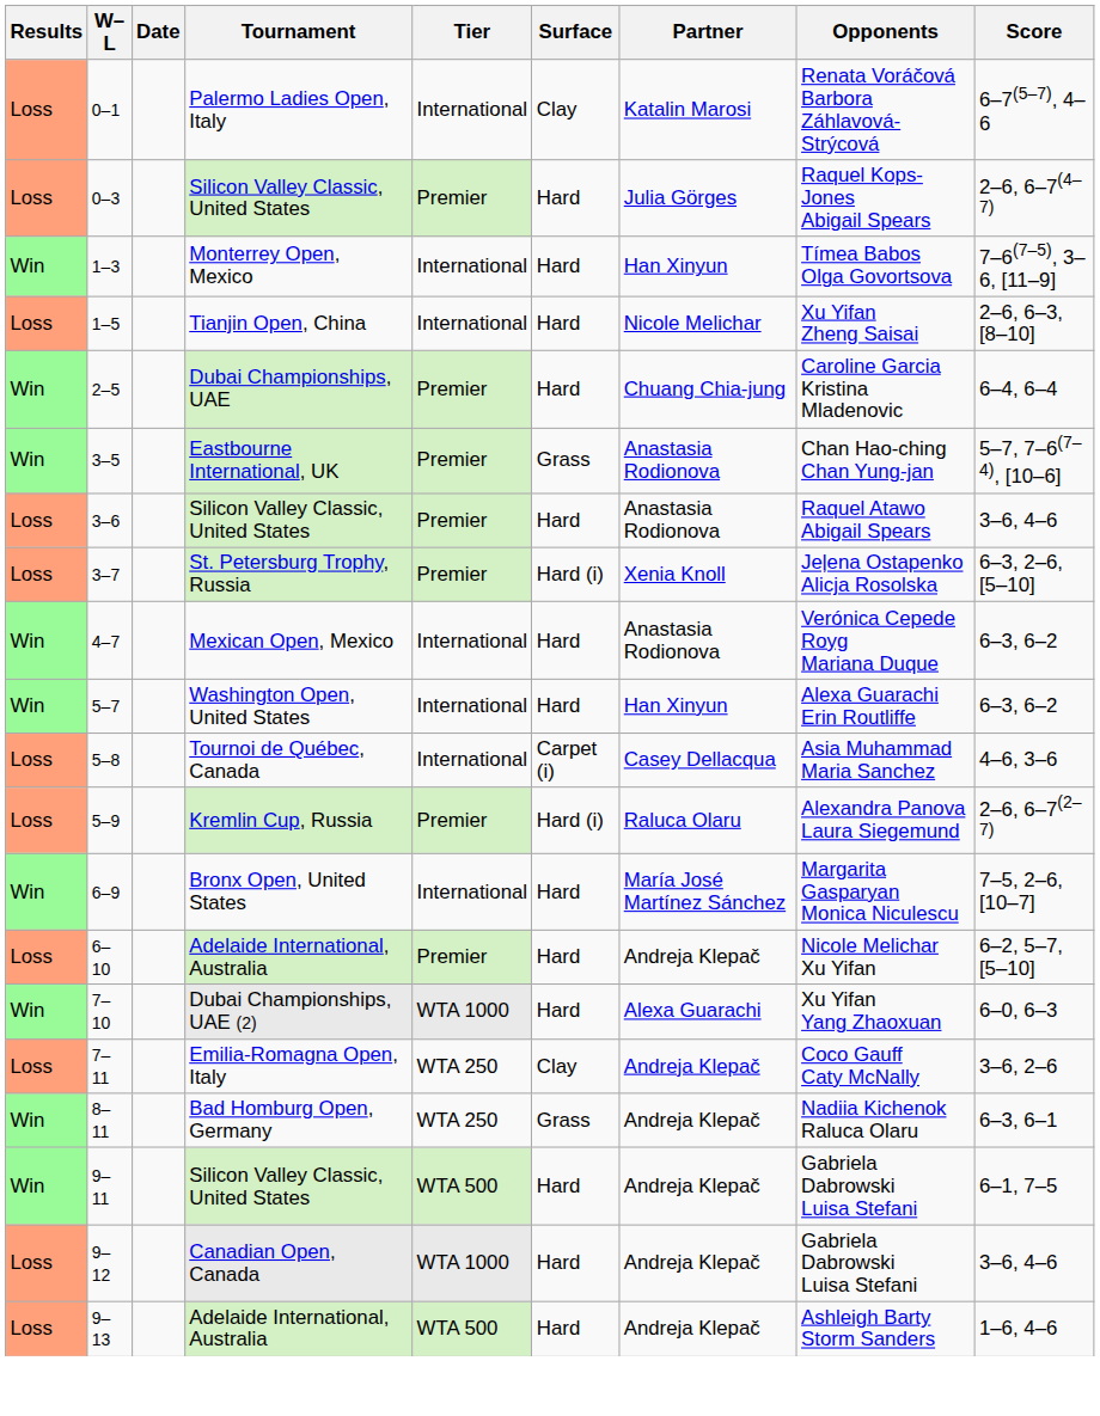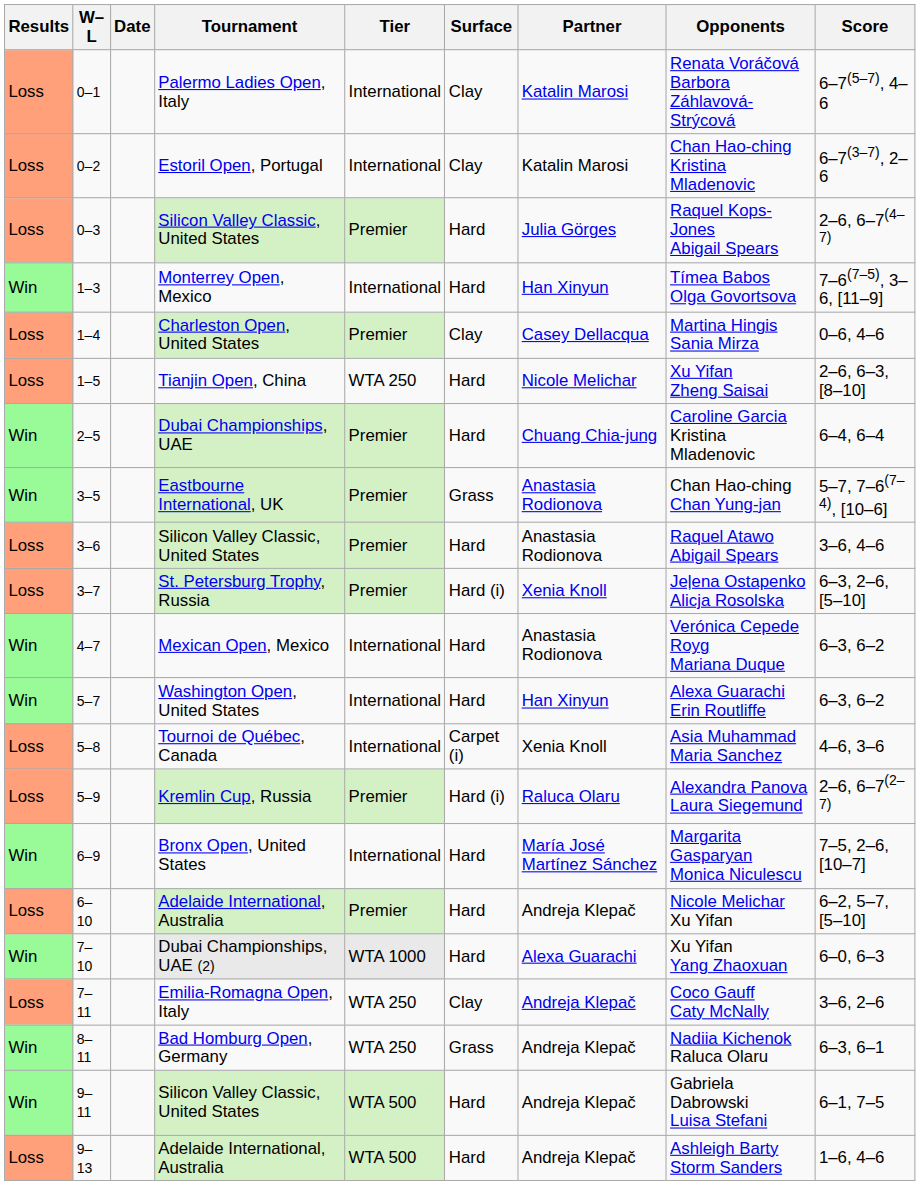 <table class="wikitable nowrap">
 <tr>
 <th>Results</th>
 <th class="unsortable">W–L</th>
 <th>Date</th>
 <th>Tournament</th>
 <th>Tier</th>
 <th>Surface</th>
 <th>Partner</th>
 <th>Opponents</th>
 <th class="unsortable">Score</th>
 </tr>
 <tr>
 <td style="background:#ffa07a;">Loss</td>
 <td><small>0–1</small></td>
 <td><a href='#'></a></td>
 <td><a href='#'>Palermo Ladies Open</a>, Italy</td>
 <td>International</td>
 <td>Clay</td>
 <td> <a href='#'>Katalin Marosi</a></td>
 <td> <a href='#'>Renata Voráčová</a> <br>  <a href='#'>Barbora Záhlavová-Strýcová</a></td>
 <td>6–7<sup>(5–7)</sup>, 4–6</td>
 </tr>
 <tr>
 <td style="background:#ffa07a;">Loss</td>
+<td><small>0–2</small></td>
+<td><a href='#'></a></td>
+<td><a href='#'>Estoril Open</a>, Portugal</td>
+<td>International</td>
+<td>Clay</td>
+<td> Katalin Marosi</td>
+<td> <a href='#'>Chan Hao-ching</a> <br>  <a href='#'>Kristina Mladenovic</a></td>
+<td>6–7<sup>(3–7)</sup>, 2–6</td>
+</tr>
+<tr>
+<td style="background:#ffa07a;">Loss</td>
 <td><small>0–3</small></td>
 <td><a href='#'></a></td>
 <td style="background:#d4f1c5;"><a href='#'>Silicon Valley Classic</a>, United States</td>
 <td style="background:#d4f1c5;">Premier</td>
 <td>Hard</td>
 <td> <a href='#'>Julia Görges</a></td>
 <td> <a href='#'>Raquel Kops-Jones</a> <br>  <a href='#'>Abigail Spears</a></td>
 <td>2–6, 6–7<sup>(4–7)</sup></td>
 </tr>
 <tr>
 <td style="background:#98fb98;">Win</td>
 <td><small>1–3</small></td>
 <td><a href='#'></a></td>
 <td><a href='#'>Monterrey Open</a>, Mexico</td>
 <td>International</td>
 <td>Hard</td>
 <td> <a href='#'>Han Xinyun</a></td>
 <td> <a href='#'>Tímea Babos</a> <br>  <a href='#'>Olga Govortsova</a></td>
 <td>7–6<sup>(7–5)</sup>, 3–6, [11–9]</td>
 </tr>
 <tr>
 <td style="background:#ffa07a;">Loss</td>
+<td><small>1–4</small></td>
+<td><a href='#'></a></td>
+<td style="background:#d4f1c5;"><a href='#'>Charleston Open</a>, United States</td>
+<td style="background:#d4f1c5;">Premier</td>
+<td>Clay</td>
+<td> <a href='#'>Casey Dellacqua</a></td>
+<td> <a href='#'>Martina Hingis</a> <br>  <a href='#'>Sania Mirza</a></td>
+<td>0–6, 4–6</td>
+</tr>
+<tr>
+<td style="background:#ffa07a;">Loss</td>
 <td><small>1–5</small></td>
 <td><a href='#'></a></td>
 <td><a href='#'>Tianjin Open</a>, China</td>
-<td>International</td>
+<td>WTA 250</td>
 <td>Hard</td>
 <td> <a href='#'>Nicole Melichar</a></td>
 <td> <a href='#'>Xu Yifan</a> <br>  <a href='#'>Zheng Saisai</a></td>
 <td>2–6, 6–3, [8–10]</td>
 </tr>
 <tr>
 <td style="background:#98fb98;">Win</td>
 <td><small>2–5</small></td>
 <td><a href='#'></a></td>
 <td style="background:#d4f1c5;"><a href='#'>Dubai Championships</a>, UAE</td>
 <td style="background:#d4f1c5;">Premier</td>
 <td>Hard</td>
 <td> <a href='#'>Chuang Chia-jung</a></td>
 <td> <a href='#'>Caroline Garcia</a> <br>  Kristina Mladenovic</td>
 <td>6–4, 6–4</td>
 </tr>
 <tr>
 <td style="background:#98fb98;">Win</td>
 <td><small>3–5</small></td>
 <td><a href='#'></a></td>
 <td style="background:#d4f1c5;"><a href='#'>Eastbourne International</a>, UK</td>
 <td style="background:#d4f1c5;">Premier</td>
 <td>Grass</td>
 <td> <a href='#'>Anastasia Rodionova</a></td>
 <td> Chan Hao-ching <br>  <a href='#'>Chan Yung-jan</a></td>
 <td>5–7, 7–6<sup>(7–4)</sup>, [10–6]</td>
 </tr>
 <tr>
 <td style="background:#ffa07a;">Loss</td>
 <td><small>3–6</small></td>
 <td><a href='#'></a></td>
 <td style="background:#d4f1c5;">Silicon Valley Classic, United States</td>
 <td style="background:#d4f1c5;">Premier</td>
 <td>Hard</td>
 <td> Anastasia Rodionova</td>
 <td> <a href='#'>Raquel Atawo</a> <br>  <a href='#'>Abigail Spears</a></td>
 <td>3–6, 4–6</td>
 </tr>
 <tr>
 <td style="background:#ffa07a;">Loss</td>
 <td><small>3–7</small></td>
 <td><a href='#'></a></td>
 <td style="background:#d4f1c5;"><a href='#'>St. Petersburg Trophy</a>, Russia</td>
 <td style="background:#d4f1c5;">Premier</td>
 <td>Hard (i)</td>
 <td> <a href='#'>Xenia Knoll</a></td>
 <td> <a href='#'>Jeļena Ostapenko</a> <br>  <a href='#'>Alicja Rosolska</a></td>
 <td>6–3, 2–6, [5–10]</td>
 </tr>
 <tr>
 <td style="background:#98fb98;">Win</td>
 <td><small>4–7</small></td>
 <td><a href='#'></a></td>
 <td><a href='#'>Mexican Open</a>, Mexico</td>
 <td>International</td>
 <td>Hard</td>
 <td> Anastasia Rodionova</td>
 <td> <a href='#'>Verónica Cepede Royg</a> <br>  <a href='#'>Mariana Duque</a></td>
 <td>6–3, 6–2</td>
 </tr>
 <tr>
 <td style="background:#98fb98;">Win</td>
 <td><small>5–7</small></td>
 <td><a href='#'></a></td>
 <td><a href='#'>Washington Open</a>, United States</td>
 <td>International</td>
 <td>Hard</td>
 <td> <a href='#'>Han Xinyun</a></td>
 <td> <a href='#'>Alexa Guarachi</a> <br>  <a href='#'>Erin Routliffe</a></td>
 <td>6–3, 6–2</td>
 </tr>
 <tr>
 <td style="background:#ffa07a;">Loss</td>
 <td><small>5–8</small></td>
 <td><a href='#'></a></td>
 <td><a href='#'>Tournoi de Québec</a>, Canada</td>
 <td>International</td>
 <td>Carpet (i)</td>
-<td> <a href='#'>Casey Dellacqua</a></td>
+<td> Xenia Knoll</td>
 <td> <a href='#'>Asia Muhammad</a> <br>  <a href='#'>Maria Sanchez</a></td>
 <td>4–6, 3–6</td>
 </tr>
 <tr>
 <td style="background:#ffa07a;">Loss</td>
 <td><small>5–9</small></td>
 <td><a href='#'></a></td>
 <td style="background:#d4f1c5;"><a href='#'>Kremlin Cup</a>, Russia</td>
 <td style="background:#d4f1c5;">Premier</td>
 <td>Hard (i)</td>
 <td> <a href='#'>Raluca Olaru</a></td>
 <td> <a href='#'>Alexandra Panova</a> <br>  <a href='#'>Laura Siegemund</a></td>
 <td>2–6, 6–7<sup>(2–7)</sup></td>
 </tr>
 <tr>
 <td style="background:#98fb98;">Win</td>
 <td><small>6–9</small></td>
 <td><a href='#'></a></td>
 <td><a href='#'>Bronx Open</a>, United States</td>
 <td>International</td>
 <td>Hard</td>
 <td> <a href='#'>María José Martínez Sánchez</a></td>
 <td> <a href='#'>Margarita Gasparyan</a> <br>  <a href='#'>Monica Niculescu</a></td>
 <td>7–5, 2–6, [10–7]</td>
 </tr>
 <tr>
 <td style="background:#ffa07a;">Loss</td>
 <td><small>6–10</small></td>
 <td><a href='#'></a></td>
 <td style="background:#d4f1c5;"><a href='#'>Adelaide International</a>, Australia</td>
 <td style="background:#d4f1c5;">Premier</td>
 <td>Hard</td>
 <td> Andreja Klepač</td>
 <td> <a href='#'>Nicole Melichar</a> <br>  Xu Yifan</td>
 <td>6–2, 5–7, [5–10]</td>
 </tr>
 <tr>
 <td style="background:#98fb98;">Win</td>
 <td><small>7–10</small></td>
 <td><a href='#'></a></td>
 <td style="background:#e9e9e9;">Dubai Championships, UAE <small>(2)</small></td>
 <td style="background:#e9e9e9;">WTA 1000</td>
 <td>Hard</td>
 <td> <a href='#'>Alexa Guarachi</a></td>
 <td> Xu Yifan <br>  <a href='#'>Yang Zhaoxuan</a></td>
 <td>6–0, 6–3</td>
 </tr>
 <tr>
 <td bgcolor=FFA07A>Loss</td>
 <td><small>7–11</small></td>
 <td><a href='#'></a></td>
 <td><a href='#'>Emilia-Romagna Open</a>, Italy</td>
 <td>WTA 250</td>
 <td>Clay</td>
 <td> <a href='#'>Andreja Klepač</a></td>
 <td> <a href='#'>Coco Gauff</a> <br>  <a href='#'>Caty McNally</a></td>
 <td>3–6, 2–6</td>
 </tr>
 <tr>
 <td bgcolor=98FB98>Win</td>
 <td><small>8–11</small></td>
 <td><a href='#'></a></td>
 <td><a href='#'>Bad Homburg Open</a>, Germany</td>
 <td>WTA 250</td>
 <td>Grass</td>
 <td> Andreja Klepač</td>
 <td> <a href='#'>Nadiia Kichenok</a> <br>  Raluca Olaru</td>
 <td>6–3, 6–1</td>
 </tr>
 <tr>
 <td style="background:#98fb98;">Win</td>
 <td><small>9–11</small></td>
 <td><a href='#'></a></td>
 <td style="background:#d4f1c5;">Silicon Valley Classic, United States</td>
 <td style="background:#d4f1c5;">WTA 500</td>
 <td>Hard</td>
 <td> Andreja Klepač</td>
 <td> Gabriela Dabrowski <br>  <a href='#'>Luisa Stefani</a></td>
 <td>6–1, 7–5</td>
 </tr>
 <tr>
 <td style="background:#ffa07a;">Loss</td>
-<td><small>9–12</small></td>
-<td><a href='#'></a></td>
-<td style="background:#e9e9e9;"><a href='#'>Canadian Open</a>, Canada</td>
-<td style="background:#e9e9e9;">WTA 1000</td>
-<td>Hard</td>
-<td> Andreja Klepač</td>
-<td> Gabriela Dabrowski <br>  Luisa Stefani</td>
-<td>3–6, 4–6</td>
-</tr>
-<tr>
-<td style="background:#ffa07a;">Loss</td>
 <td><small>9–13</small></td>
 <td><a href='#'></a></td>
 <td style="background:#d4f1c5;">Adelaide International, Australia</td>
 <td style="background:#d4f1c5;">WTA 500</td>
 <td>Hard</td>
 <td> Andreja Klepač</td>
 <td> <a href='#'>Ashleigh Barty</a> <br>  <a href='#'>Storm Sanders</a></td>
 <td>1–6, 4–6</td>
 </tr>
 </table>
